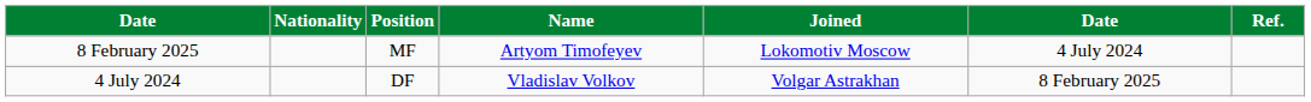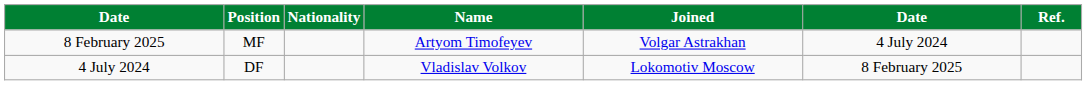 <table class="wikitable"  style="text-align:center; font-size:90%; ">
 <tr>
 <th style="background:#008033; color:white; width:200px;">Date</th>
+<th style="background:#008033; color:white; width:50px;">Position</th>
 <th style="background:#008033; color:white; width:50px;">Nationality</th>
-<th style="background:#008033; color:white; width:50px;">Position</th>
 <th style="background:#008033; color:white; width:200px;">Name</th>
 <th style="background:#008033; color:white; width:200px;">Joined</th>
 <th style="background:#008033; color:white; width:200px;">Date</th>
 <th style="background:#008033; color:white; width:50px;">Ref.</th>
 </tr>
 <tr>
 <td>8 February 2025</td>
+<td>MF</td>
 <td></td>
-<td>MF</td>
 <td><a href='#'>Artyom Timofeyev</a></td>
-<td><a href='#'>Lokomotiv Moscow</a></td>
+<td><a href='#'>Volgar Astrakhan</a></td>
 <td>4 July 2024</td>
 <td></td>
 </tr>
 <tr>
 <td>4 July 2024</td>
+<td>DF</td>
 <td></td>
-<td>DF</td>
 <td><a href='#'>Vladislav Volkov</a></td>
-<td><a href='#'>Volgar Astrakhan</a></td>
+<td><a href='#'>Lokomotiv Moscow</a></td>
 <td>8 February 2025</td>
 <td></td>
 </tr>
 </table>
